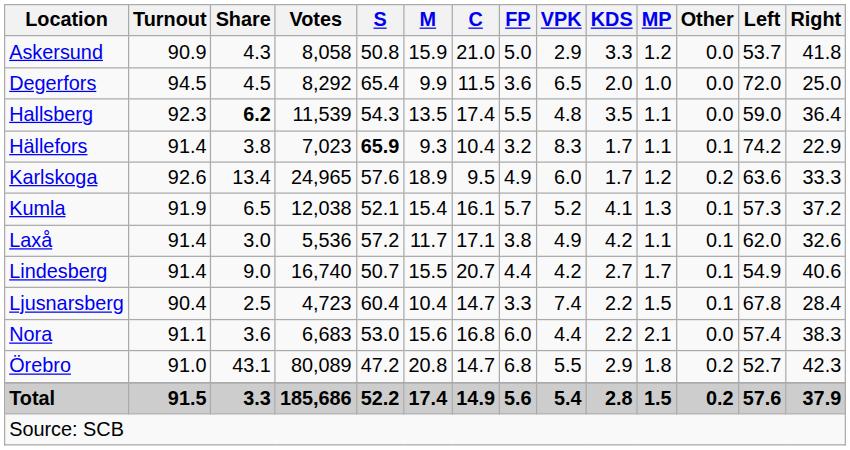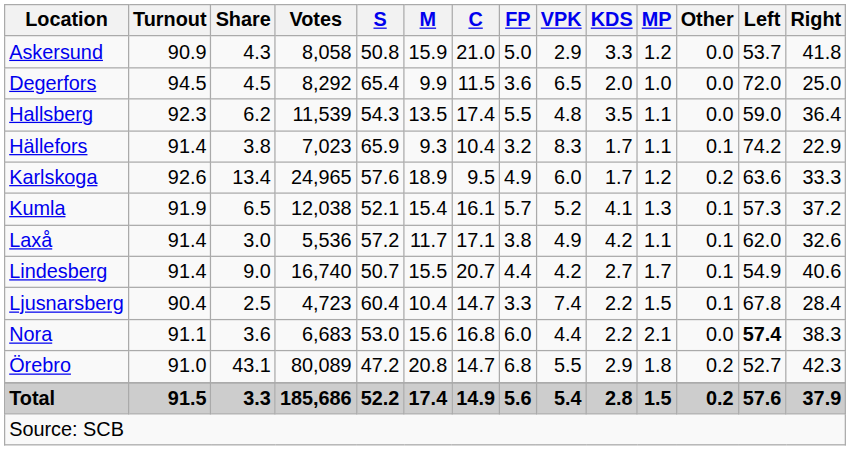 <table class="wikitable sortable" style=text-align:right>
 <tr>
 <th>Location</th>
 <th>Turnout</th>
 <th>Share</th>
 <th>Votes</th>
 <th><a href='#'>S</a></th>
 <th><a href='#'>M</a></th>
 <th><a href='#'>C</a></th>
 <th><a href='#'>FP</a></th>
 <th><a href='#'>VPK</a></th>
 <th><a href='#'>KDS</a></th>
 <th><a href='#'>MP</a></th>
 <th>Other</th>
 <th>Left</th>
 <th>Right</th>
 </tr>
 <tr>
 <td align=left><a href='#'>Askersund</a></td>
 <td>90.9</td>
 <td>4.3</td>
 <td>8,058</td>
 <td>50.8</td>
 <td>15.9</td>
 <td>21.0</td>
 <td>5.0</td>
 <td>2.9</td>
 <td>3.3</td>
 <td>1.2</td>
 <td>0.0</td>
 <td>53.7</td>
 <td>41.8</td>
 </tr>
 <tr>
 <td align=left><a href='#'>Degerfors</a></td>
 <td>94.5</td>
 <td>4.5</td>
 <td>8,292</td>
 <td>65.4</td>
 <td>9.9</td>
 <td>11.5</td>
 <td>3.6</td>
 <td>6.5</td>
 <td>2.0</td>
 <td>1.0</td>
 <td>0.0</td>
 <td>72.0</td>
 <td>25.0</td>
 </tr>
 <tr>
 <td align=left><a href='#'>Hallsberg</a></td>
 <td>92.3</td>
-<td><strong>6.2</strong></td>
+<td>6.2</td>
 <td>11,539</td>
 <td>54.3</td>
 <td>13.5</td>
 <td>17.4</td>
 <td>5.5</td>
 <td>4.8</td>
 <td>3.5</td>
 <td>1.1</td>
 <td>0.0</td>
 <td>59.0</td>
 <td>36.4</td>
 </tr>
 <tr>
 <td align=left><a href='#'>Hällefors</a></td>
 <td>91.4</td>
 <td>3.8</td>
 <td>7,023</td>
-<td><strong>65.9</strong></td>
+<td>65.9</td>
 <td>9.3</td>
 <td>10.4</td>
 <td>3.2</td>
 <td>8.3</td>
 <td>1.7</td>
 <td>1.1</td>
 <td>0.1</td>
 <td>74.2</td>
 <td>22.9</td>
 </tr>
 <tr>
 <td align=left><a href='#'>Karlskoga</a></td>
 <td>92.6</td>
 <td>13.4</td>
 <td>24,965</td>
 <td>57.6</td>
 <td>18.9</td>
 <td>9.5</td>
 <td>4.9</td>
 <td>6.0</td>
 <td>1.7</td>
 <td>1.2</td>
 <td>0.2</td>
 <td>63.6</td>
 <td>33.3</td>
 </tr>
 <tr>
 <td align=left><a href='#'>Kumla</a></td>
 <td>91.9</td>
 <td>6.5</td>
 <td>12,038</td>
 <td>52.1</td>
 <td>15.4</td>
 <td>16.1</td>
 <td>5.7</td>
 <td>5.2</td>
 <td>4.1</td>
 <td>1.3</td>
 <td>0.1</td>
 <td>57.3</td>
 <td>37.2</td>
 </tr>
 <tr>
 <td align=left><a href='#'>Laxå</a></td>
 <td>91.4</td>
 <td>3.0</td>
 <td>5,536</td>
 <td>57.2</td>
 <td>11.7</td>
 <td>17.1</td>
 <td>3.8</td>
 <td>4.9</td>
 <td>4.2</td>
 <td>1.1</td>
 <td>0.1</td>
 <td>62.0</td>
 <td>32.6</td>
 </tr>
 <tr>
 <td align=left><a href='#'>Lindesberg</a></td>
 <td>91.4</td>
 <td>9.0</td>
 <td>16,740</td>
 <td>50.7</td>
 <td>15.5</td>
 <td>20.7</td>
 <td>4.4</td>
 <td>4.2</td>
 <td>2.7</td>
 <td>1.7</td>
 <td>0.1</td>
 <td>54.9</td>
 <td>40.6</td>
 </tr>
 <tr>
 <td align=left><a href='#'>Ljusnarsberg</a></td>
 <td>90.4</td>
 <td>2.5</td>
 <td>4,723</td>
 <td>60.4</td>
 <td>10.4</td>
 <td>14.7</td>
 <td>3.3</td>
 <td>7.4</td>
 <td>2.2</td>
 <td>1.5</td>
 <td>0.1</td>
 <td>67.8</td>
 <td>28.4</td>
 </tr>
 <tr>
 <td align=left><a href='#'>Nora</a></td>
 <td>91.1</td>
 <td>3.6</td>
 <td>6,683</td>
 <td>53.0</td>
 <td>15.6</td>
 <td>16.8</td>
 <td>6.0</td>
 <td>4.4</td>
 <td>2.2</td>
 <td>2.1</td>
 <td>0.0</td>
-<td>57.4</td>
+<td><strong>57.4</strong></td>
 <td>38.3</td>
 </tr>
 <tr>
 <td align=left><a href='#'>Örebro</a></td>
 <td>91.0</td>
 <td>43.1</td>
 <td>80,089</td>
 <td>47.2</td>
 <td>20.8</td>
 <td>14.7</td>
 <td>6.8</td>
 <td>5.5</td>
 <td>2.9</td>
 <td>1.8</td>
 <td>0.2</td>
 <td>52.7</td>
 <td>42.3</td>
 </tr>
 <tr>
 </tr>
 <tr style="background:#CDCDCD;">
 <td align=left><strong>Total</strong></td>
 <td><strong>91.5</strong></td>
 <td><strong>3.3</strong></td>
 <td><strong>185,686</strong></td>
 <td><strong>52.2</strong></td>
 <td><strong>17.4</strong></td>
 <td><strong>14.9</strong></td>
 <td><strong>5.6</strong></td>
 <td><strong>5.4</strong></td>
 <td><strong>2.8</strong></td>
 <td><strong>1.5</strong></td>
 <td><strong>0.2</strong></td>
 <td><strong>57.6</strong></td>
 <td><strong>37.9</strong></td>
 </tr>
 <tr>
 <td align=left colspan=14>Source: SCB </td>
 </tr>
 </table>
